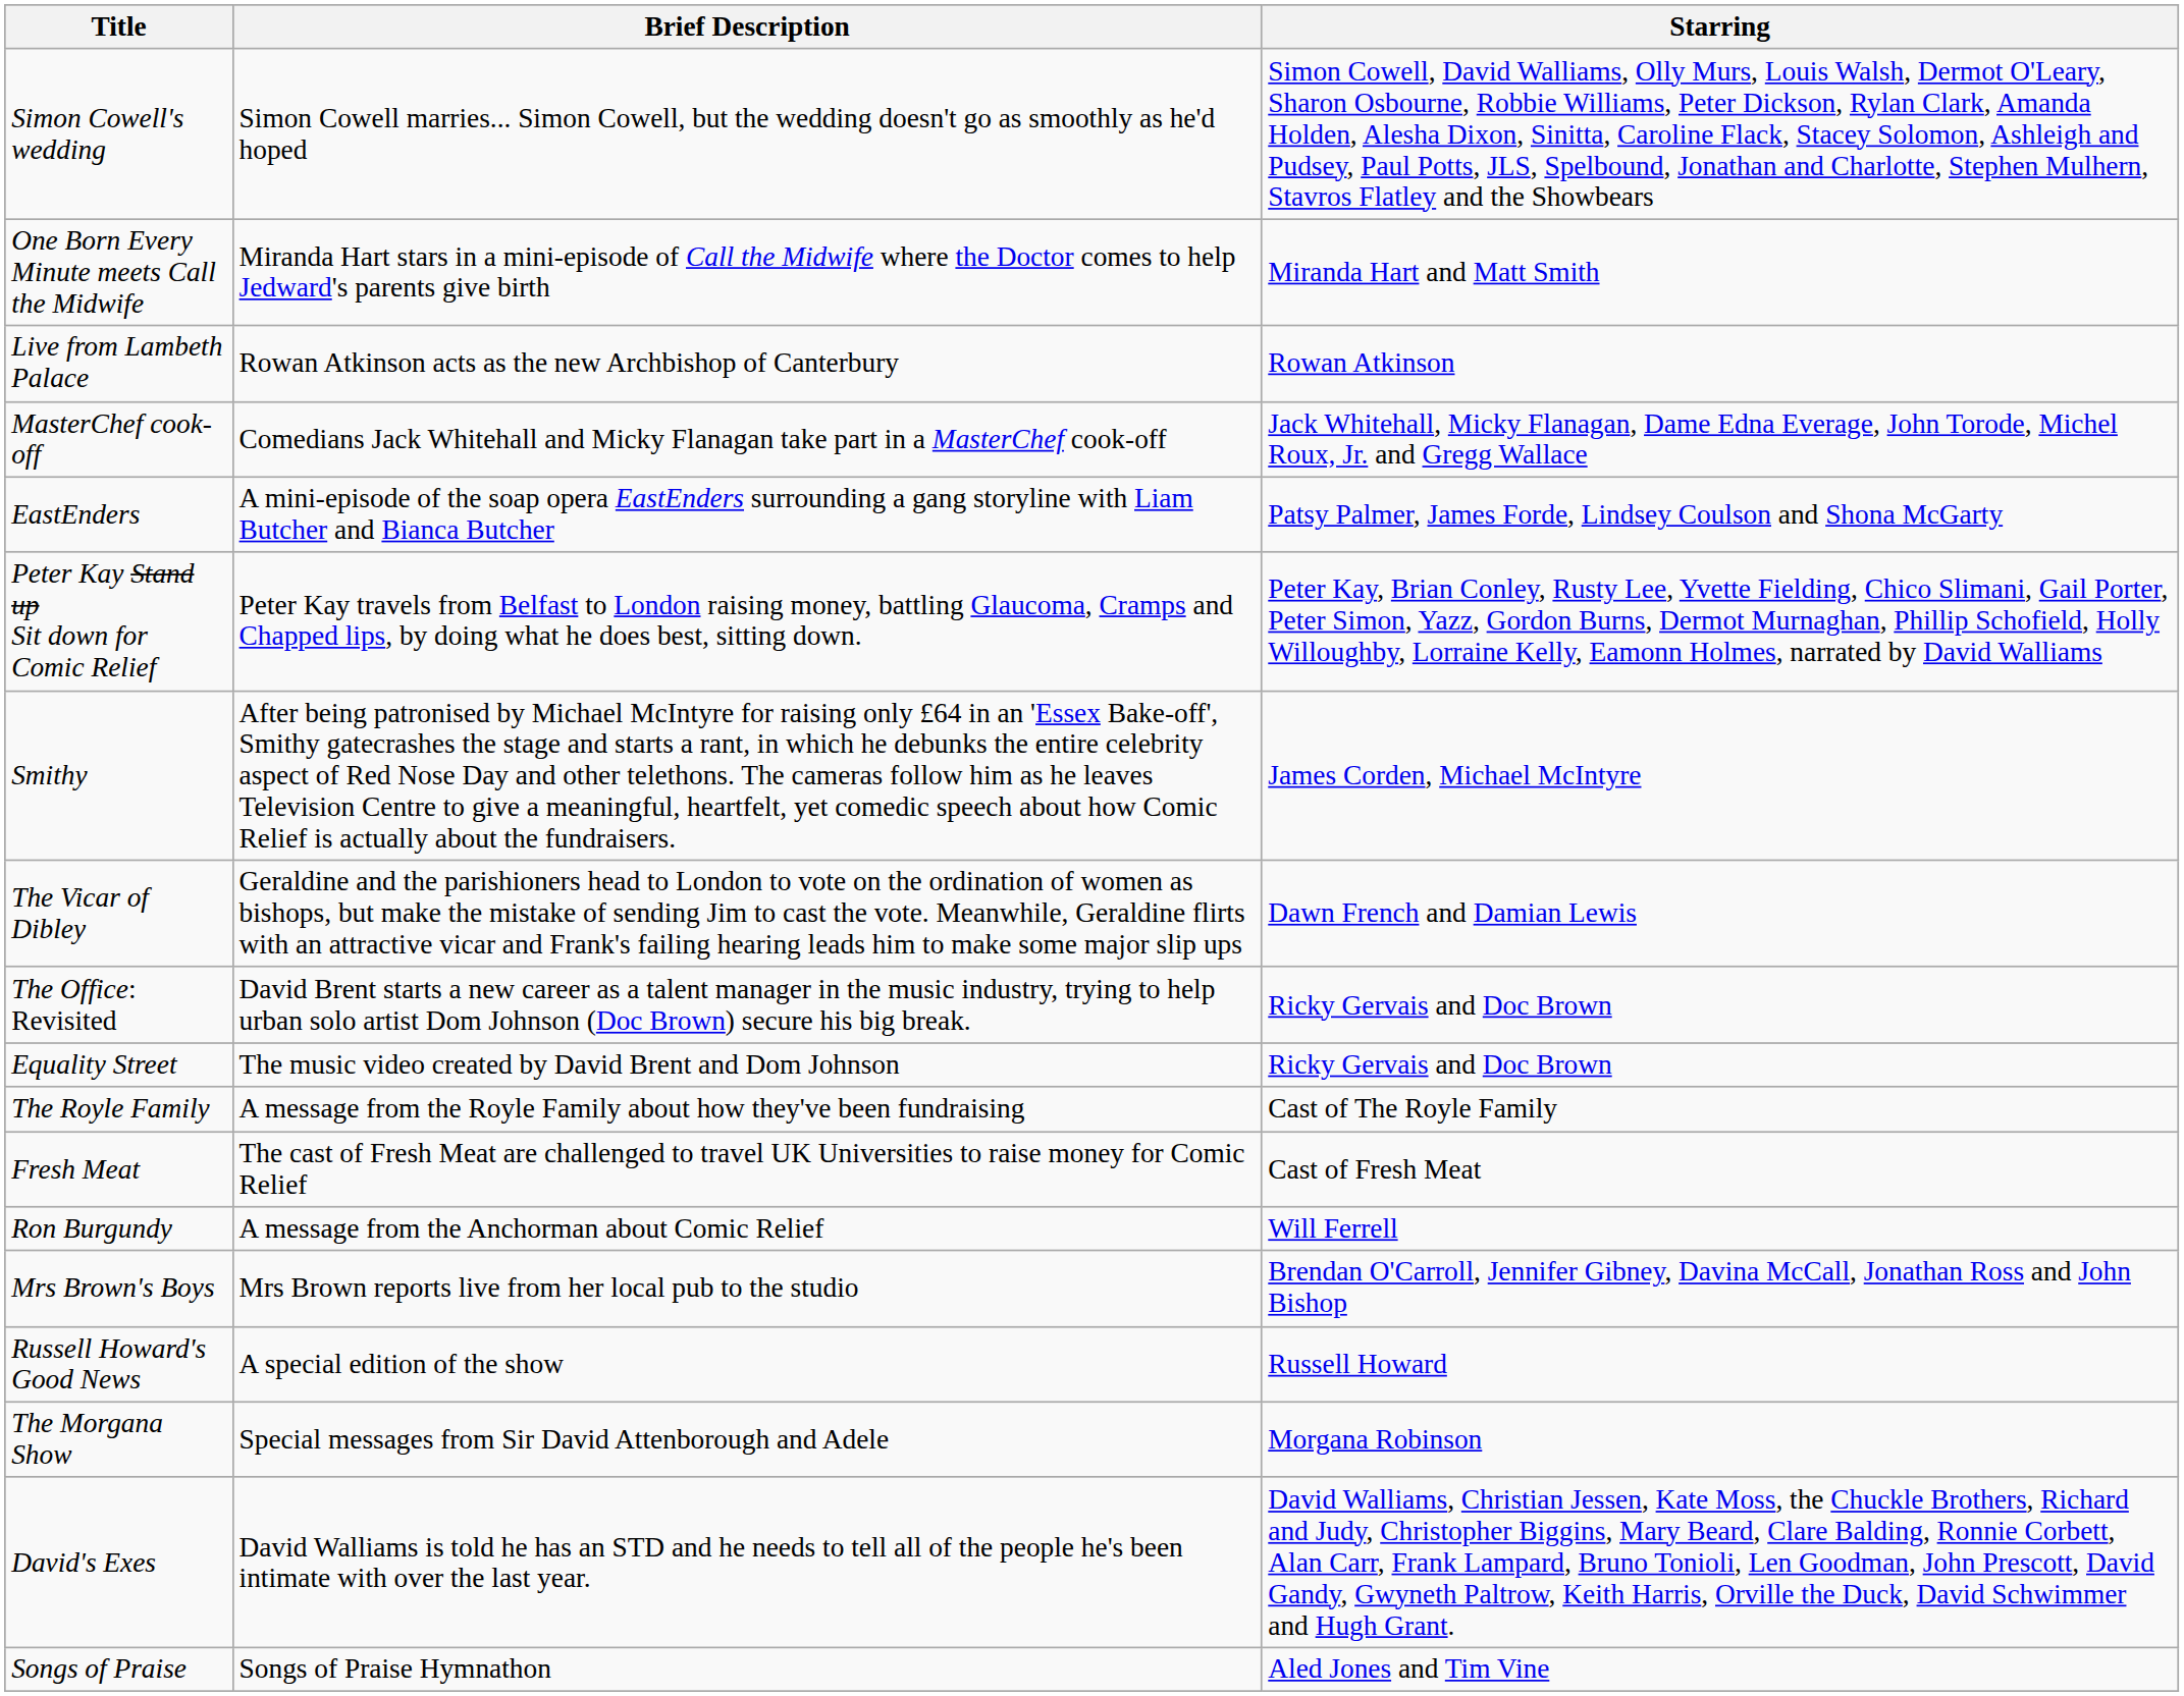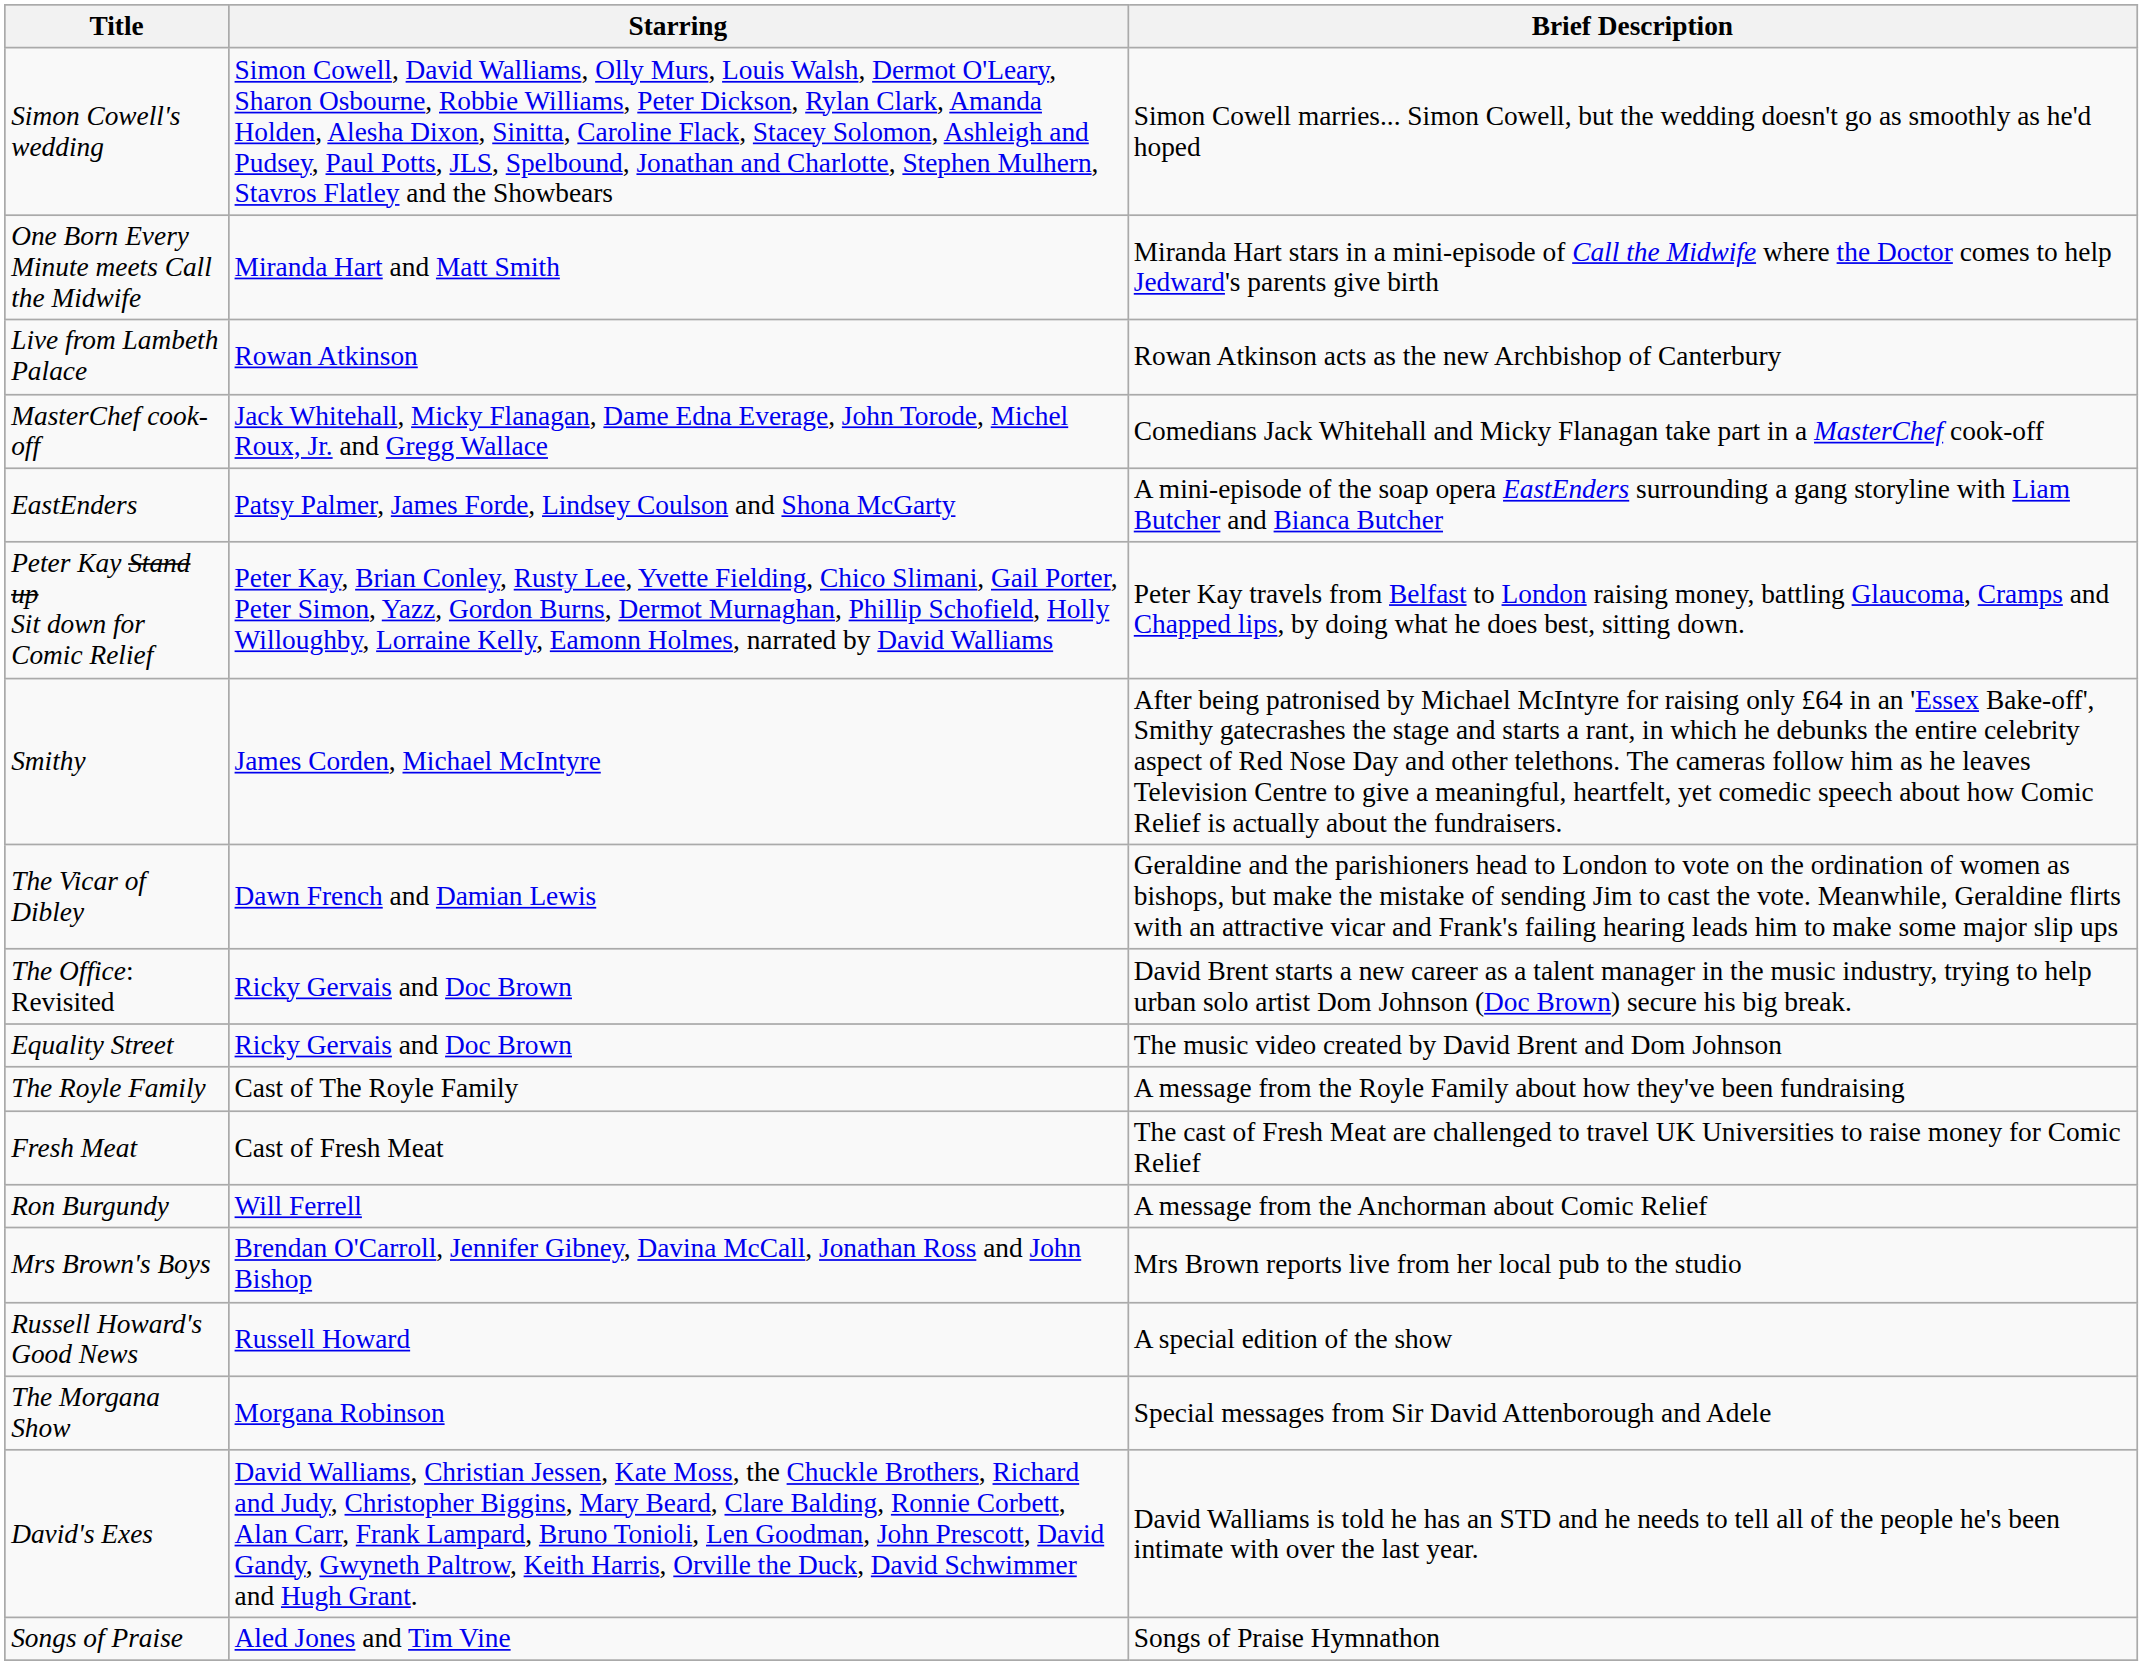 <table class="wikitable">
 <tr>
 <th>Title</th>
+<th>Starring</th>
 <th>Brief Description</th>
-<th>Starring</th>
 </tr>
 <tr>
 <td><em>Simon Cowell's wedding</em></td>
+<td><a href='#'>Simon Cowell</a>, <a href='#'>David Walliams</a>, <a href='#'>Olly Murs</a>, <a href='#'>Louis Walsh</a>, <a href='#'>Dermot O'Leary</a>, <a href='#'>Sharon Osbourne</a>, <a href='#'>Robbie Williams</a>, <a href='#'>Peter Dickson</a>, <a href='#'>Rylan Clark</a>, <a href='#'>Amanda Holden</a>, <a href='#'>Alesha Dixon</a>, <a href='#'>Sinitta</a>, <a href='#'>Caroline Flack</a>, <a href='#'>Stacey Solomon</a>, <a href='#'>Ashleigh and Pudsey</a>, <a href='#'>Paul Potts</a>, <a href='#'>JLS</a>, <a href='#'>Spelbound</a>, <a href='#'>Jonathan and Charlotte</a>, <a href='#'>Stephen Mulhern</a>, <a href='#'>Stavros Flatley</a> and the Showbears</td>
 <td>Simon Cowell marries... Simon Cowell, but the wedding doesn't go as smoothly as he'd hoped</td>
-<td><a href='#'>Simon Cowell</a>, <a href='#'>David Walliams</a>, <a href='#'>Olly Murs</a>, <a href='#'>Louis Walsh</a>, <a href='#'>Dermot O'Leary</a>, <a href='#'>Sharon Osbourne</a>, <a href='#'>Robbie Williams</a>, <a href='#'>Peter Dickson</a>, <a href='#'>Rylan Clark</a>, <a href='#'>Amanda Holden</a>, <a href='#'>Alesha Dixon</a>, <a href='#'>Sinitta</a>, <a href='#'>Caroline Flack</a>, <a href='#'>Stacey Solomon</a>, <a href='#'>Ashleigh and Pudsey</a>, <a href='#'>Paul Potts</a>, <a href='#'>JLS</a>, <a href='#'>Spelbound</a>, <a href='#'>Jonathan and Charlotte</a>, <a href='#'>Stephen Mulhern</a>, <a href='#'>Stavros Flatley</a> and the Showbears</td>
 </tr>
 <tr>
 <td><em>One Born Every Minute meets Call the Midwife</em></td>
+<td><a href='#'>Miranda Hart</a> and <a href='#'>Matt Smith</a></td>
 <td>Miranda Hart stars in a mini-episode of <em><a href='#'>Call the Midwife</a></em> where <a href='#'>the Doctor</a> comes to help <a href='#'>Jedward</a>'s parents give birth</td>
-<td><a href='#'>Miranda Hart</a> and <a href='#'>Matt Smith</a></td>
 </tr>
 <tr>
 <td><em>Live from Lambeth Palace</em></td>
+<td><a href='#'>Rowan Atkinson</a></td>
 <td>Rowan Atkinson acts as the new Archbishop of Canterbury</td>
-<td><a href='#'>Rowan Atkinson</a></td>
 </tr>
 <tr>
 <td><em>MasterChef cook-off</em></td>
+<td><a href='#'>Jack Whitehall</a>, <a href='#'>Micky Flanagan</a>, <a href='#'>Dame Edna Everage</a>, <a href='#'>John Torode</a>, <a href='#'>Michel Roux, Jr.</a> and <a href='#'>Gregg Wallace</a></td>
 <td>Comedians Jack Whitehall and Micky Flanagan take part in a <em><a href='#'>MasterChef</a></em> cook-off</td>
-<td><a href='#'>Jack Whitehall</a>, <a href='#'>Micky Flanagan</a>, <a href='#'>Dame Edna Everage</a>, <a href='#'>John Torode</a>, <a href='#'>Michel Roux, Jr.</a> and <a href='#'>Gregg Wallace</a></td>
 </tr>
 <tr>
 <td><em>EastEnders</em></td>
+<td><a href='#'>Patsy Palmer</a>, <a href='#'>James Forde</a>, <a href='#'>Lindsey Coulson</a> and <a href='#'>Shona McGarty</a></td>
 <td>A mini-episode of the soap opera <em><a href='#'>EastEnders</a></em> surrounding a gang storyline with <a href='#'>Liam Butcher</a> and <a href='#'>Bianca Butcher</a></td>
-<td><a href='#'>Patsy Palmer</a>, <a href='#'>James Forde</a>, <a href='#'>Lindsey Coulson</a> and <a href='#'>Shona McGarty</a></td>
 </tr>
 <tr>
 <td><em>Peter Kay <s>Stand up</s><br>Sit down for Comic Relief</em></td>
+<td><a href='#'>Peter Kay</a>, <a href='#'>Brian Conley</a>, <a href='#'>Rusty Lee</a>, <a href='#'>Yvette Fielding</a>, <a href='#'>Chico Slimani</a>, <a href='#'>Gail Porter</a>, <a href='#'>Peter Simon</a>, <a href='#'>Yazz</a>, <a href='#'>Gordon Burns</a>, <a href='#'>Dermot Murnaghan</a>, <a href='#'>Phillip Schofield</a>, <a href='#'>Holly Willoughby</a>, <a href='#'>Lorraine Kelly</a>, <a href='#'>Eamonn Holmes</a>, narrated by <a href='#'>David Walliams</a></td>
 <td>Peter Kay travels from <a href='#'>Belfast</a> to <a href='#'>London</a> raising money, battling <a href='#'>Glaucoma</a>, <a href='#'>Cramps</a> and <a href='#'>Chapped lips</a>, by doing what he does best, sitting down.</td>
-<td><a href='#'>Peter Kay</a>, <a href='#'>Brian Conley</a>, <a href='#'>Rusty Lee</a>, <a href='#'>Yvette Fielding</a>, <a href='#'>Chico Slimani</a>, <a href='#'>Gail Porter</a>, <a href='#'>Peter Simon</a>, <a href='#'>Yazz</a>, <a href='#'>Gordon Burns</a>, <a href='#'>Dermot Murnaghan</a>, <a href='#'>Phillip Schofield</a>, <a href='#'>Holly Willoughby</a>, <a href='#'>Lorraine Kelly</a>, <a href='#'>Eamonn Holmes</a>, narrated by <a href='#'>David Walliams</a></td>
 </tr>
 <tr>
 <td><em>Smithy</em></td>
+<td><a href='#'>James Corden</a>, <a href='#'>Michael McIntyre</a></td>
 <td>After being patronised by Michael McIntyre for raising only £64 in an '<a href='#'>Essex</a> Bake-off', Smithy gatecrashes the stage and starts a rant, in which he debunks the entire celebrity aspect of Red Nose Day and other telethons. The cameras follow him as he leaves Television Centre to give a meaningful, heartfelt, yet comedic speech about how Comic Relief is actually about the fundraisers.</td>
-<td><a href='#'>James Corden</a>, <a href='#'>Michael McIntyre</a></td>
 </tr>
 <tr>
 <td><em>The Vicar of Dibley</em></td>
+<td><a href='#'>Dawn French</a> and <a href='#'>Damian Lewis</a></td>
 <td>Geraldine and the parishioners head to London to vote on the ordination of women as bishops, but make the mistake of sending Jim to cast the vote. Meanwhile, Geraldine flirts with an attractive vicar and Frank's failing hearing leads him to make some major slip ups</td>
-<td><a href='#'>Dawn French</a> and <a href='#'>Damian Lewis</a></td>
 </tr>
 <tr>
 <td><em>The Office</em>: Revisited</td>
+<td><a href='#'>Ricky Gervais</a> and <a href='#'>Doc Brown</a></td>
 <td>David Brent starts a new career as a talent manager in the music industry, trying to help urban solo artist Dom Johnson (<a href='#'>Doc Brown</a>) secure his big break.</td>
-<td><a href='#'>Ricky Gervais</a> and <a href='#'>Doc Brown</a></td>
 </tr>
 <tr>
 <td><em>Equality Street</em></td>
+<td><a href='#'>Ricky Gervais</a> and <a href='#'>Doc Brown</a></td>
 <td>The music video created by David Brent and Dom Johnson</td>
-<td><a href='#'>Ricky Gervais</a> and <a href='#'>Doc Brown</a></td>
 </tr>
 <tr>
 <td><em>The Royle Family</em></td>
+<td>Cast of The Royle Family</td>
 <td>A message from the Royle Family about how they've been fundraising</td>
-<td>Cast of The Royle Family</td>
 </tr>
 <tr>
 <td><em>Fresh Meat</em></td>
+<td>Cast of Fresh Meat</td>
 <td>The cast of Fresh Meat are challenged to travel UK Universities to raise money for Comic Relief</td>
-<td>Cast of Fresh Meat</td>
 </tr>
 <tr>
 <td><em>Ron Burgundy</em></td>
+<td><a href='#'>Will Ferrell</a></td>
 <td>A message from the Anchorman about Comic Relief</td>
-<td><a href='#'>Will Ferrell</a></td>
 </tr>
 <tr>
 <td><em>Mrs Brown's Boys</em></td>
+<td><a href='#'>Brendan O'Carroll</a>, <a href='#'>Jennifer Gibney</a>, <a href='#'>Davina McCall</a>, <a href='#'>Jonathan Ross</a> and <a href='#'>John Bishop</a></td>
 <td>Mrs Brown reports live from her local pub to the studio</td>
-<td><a href='#'>Brendan O'Carroll</a>, <a href='#'>Jennifer Gibney</a>, <a href='#'>Davina McCall</a>, <a href='#'>Jonathan Ross</a> and <a href='#'>John Bishop</a></td>
 </tr>
 <tr>
 <td><em>Russell Howard's Good News</em></td>
+<td><a href='#'>Russell Howard</a></td>
 <td>A special edition of the show</td>
-<td><a href='#'>Russell Howard</a></td>
 </tr>
 <tr>
 <td><em>The Morgana Show</em></td>
+<td><a href='#'>Morgana Robinson</a></td>
 <td>Special messages from Sir David Attenborough and Adele</td>
-<td><a href='#'>Morgana Robinson</a></td>
 </tr>
 <tr>
 <td><em>David's Exes</em></td>
+<td><a href='#'>David Walliams</a>, <a href='#'>Christian Jessen</a>, <a href='#'>Kate Moss</a>, the <a href='#'>Chuckle Brothers</a>, <a href='#'>Richard and Judy</a>, <a href='#'>Christopher Biggins</a>, <a href='#'>Mary Beard</a>, <a href='#'>Clare Balding</a>, <a href='#'>Ronnie Corbett</a>, <a href='#'>Alan Carr</a>, <a href='#'>Frank Lampard</a>, <a href='#'>Bruno Tonioli</a>, <a href='#'>Len Goodman</a>, <a href='#'>John Prescott</a>, <a href='#'>David Gandy</a>, <a href='#'>Gwyneth Paltrow</a>, <a href='#'>Keith Harris</a>, <a href='#'>Orville the Duck</a>, <a href='#'>David Schwimmer</a> and <a href='#'>Hugh Grant</a>.</td>
 <td>David Walliams is told he has an STD and he needs to tell all of the people he's been intimate with over the last year.</td>
-<td><a href='#'>David Walliams</a>, <a href='#'>Christian Jessen</a>, <a href='#'>Kate Moss</a>, the <a href='#'>Chuckle Brothers</a>, <a href='#'>Richard and Judy</a>, <a href='#'>Christopher Biggins</a>, <a href='#'>Mary Beard</a>, <a href='#'>Clare Balding</a>, <a href='#'>Ronnie Corbett</a>, <a href='#'>Alan Carr</a>, <a href='#'>Frank Lampard</a>, <a href='#'>Bruno Tonioli</a>, <a href='#'>Len Goodman</a>, <a href='#'>John Prescott</a>, <a href='#'>David Gandy</a>, <a href='#'>Gwyneth Paltrow</a>, <a href='#'>Keith Harris</a>, <a href='#'>Orville the Duck</a>, <a href='#'>David Schwimmer</a> and <a href='#'>Hugh Grant</a>.</td>
 </tr>
 <tr>
 <td><em>Songs of Praise</em></td>
+<td><a href='#'>Aled Jones</a> and <a href='#'>Tim Vine</a></td>
 <td>Songs of Praise Hymnathon</td>
-<td><a href='#'>Aled Jones</a> and <a href='#'>Tim Vine</a></td>
 </tr>
 </table>
